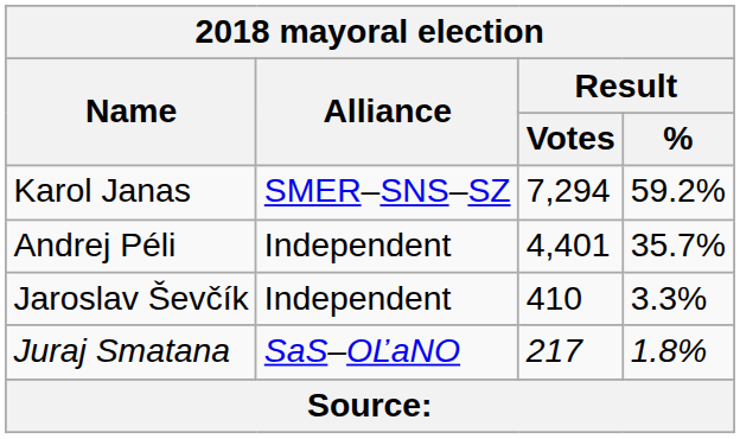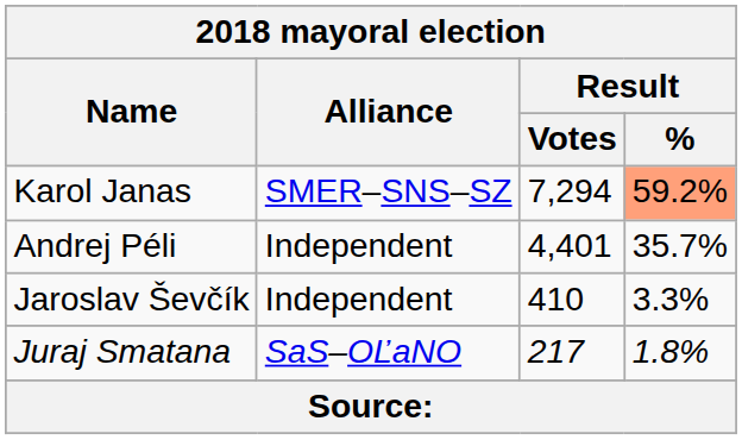 <table class="wikitable">
 <tr>
 <th colspan="4">2018 mayoral election</th>
 </tr>
 <tr>
 <th rowspan="2">Name</th>
 <th rowspan="2">Alliance</th>
 <th colspan="2">Result</th>
 </tr>
 <tr>
 <th>Votes</th>
 <th>%</th>
 </tr>
 <tr>
 <td>Karol Janas</td>
 <td><a href='#'>SMER</a>–<a href='#'>SNS</a>–<a href='#'>SZ</a></td>
 <td>7,294</td>
-<td>59.2%</td>
+<td style="background: lightsalmon;">59.2%</td>
 </tr>
 <tr>
 <td>Andrej Péli</td>
 <td>Independent</td>
 <td>4,401</td>
 <td>35.7%</td>
 </tr>
 <tr>
 <td>Jaroslav Ševčík</td>
 <td>Independent</td>
 <td>410</td>
 <td>3.3%</td>
 </tr>
 <tr>
 <td><em>Juraj Smatana</em></td>
 <td><em><a href='#'>SaS</a>–<a href='#'>OĽaNO</a></em></td>
 <td><em>217</em></td>
 <td><em>1.8%</em></td>
 </tr>
 <tr>
 <th colspan="4">Source: </th>
 </tr>
 </table>
